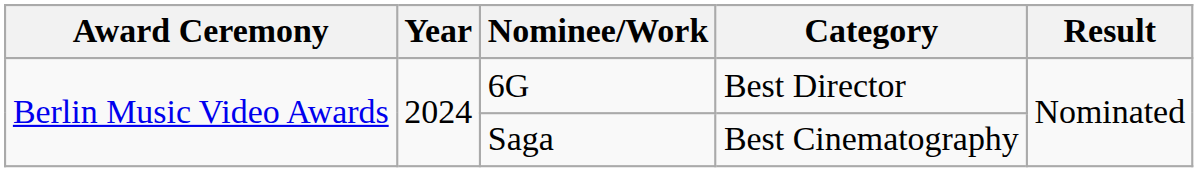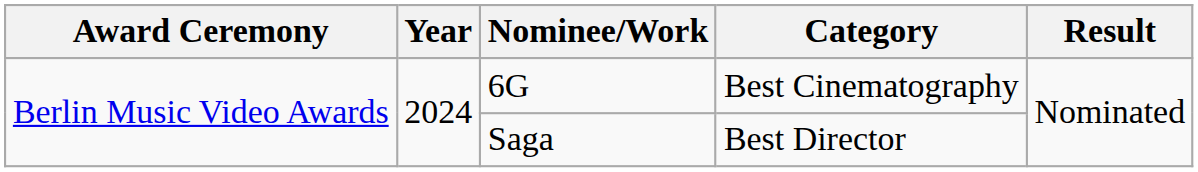 <table class="wikitable">
 <tr>
 <th>Award Ceremony</th>
 <th>Year</th>
 <th>Nominee/Work</th>
 <th>Category</th>
 <th>Result</th>
 </tr>
 <tr>
 <td rowspan="2"><a href='#'>Berlin Music Video Awards</a></td>
 <td rowspan="2">2024</td>
 <td>6G</td>
-<td>Best Director</td>
+<td>Best Cinematography</td>
 <td rowspan="2">Nominated</td>
 </tr>
 <tr>
 <td>Saga</td>
-<td>Best Cinematography</td>
+<td>Best Director</td>
 </tr>
 </table>
